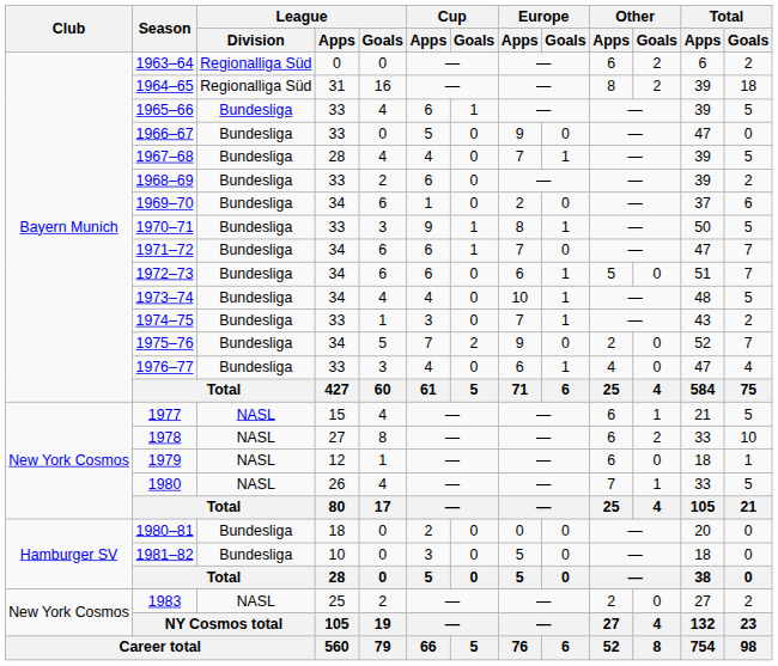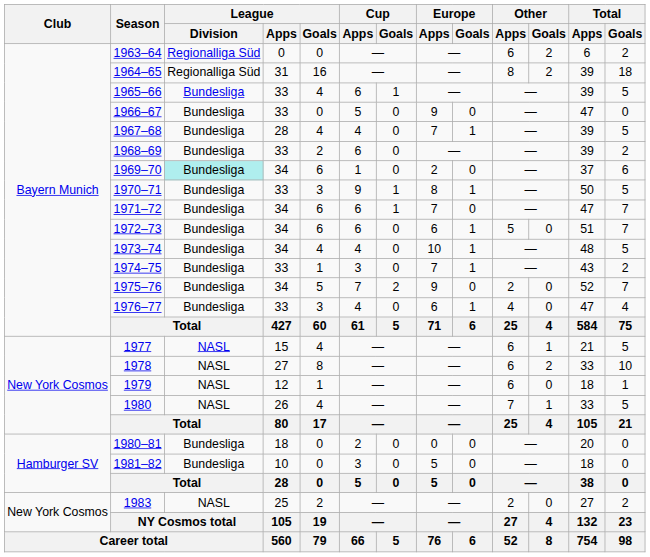 <table class="wikitable" style="text-align:center">
 <tr>
 <th rowspan="2">Club</th>
 <th rowspan="2">Season</th>
 <th colspan="3">League</th>
 <th colspan="2">Cup</th>
 <th colspan="2">Europe</th>
 <th colspan="2">Other</th>
 <th colspan="2">Total</th>
 </tr>
 <tr>
 <th>Division</th>
 <th>Apps</th>
 <th>Goals</th>
 <th>Apps</th>
 <th>Goals</th>
 <th>Apps</th>
 <th>Goals</th>
 <th>Apps</th>
 <th>Goals</th>
 <th>Apps</th>
 <th>Goals</th>
 </tr>
 <tr>
 <td rowspan="15"><a href='#'>Bayern Munich</a></td>
 <td><a href='#'>1963–64</a></td>
 <td><a href='#'>Regionalliga Süd</a></td>
 <td>0</td>
 <td>0</td>
 <td colspan="2">—</td>
 <td colspan="2">—</td>
 <td>6</td>
 <td>2</td>
 <td>6</td>
 <td>2</td>
 </tr>
 <tr>
 <td><a href='#'>1964–65</a></td>
 <td>Regionalliga Süd</td>
 <td>31</td>
 <td>16</td>
 <td colspan="2">—</td>
 <td colspan="2">—</td>
 <td>8</td>
 <td>2</td>
 <td>39</td>
 <td>18</td>
 </tr>
 <tr>
 <td><a href='#'>1965–66</a></td>
 <td><a href='#'>Bundesliga</a></td>
 <td>33</td>
 <td>4</td>
 <td>6</td>
 <td>1</td>
 <td colspan="2">—</td>
 <td colspan="2">—</td>
 <td>39</td>
 <td>5</td>
 </tr>
 <tr>
 <td><a href='#'>1966–67</a></td>
 <td>Bundesliga</td>
 <td>33</td>
 <td>0</td>
 <td>5</td>
 <td>0</td>
 <td>9</td>
 <td>0</td>
 <td colspan="2">—</td>
 <td>47</td>
 <td>0</td>
 </tr>
 <tr>
 <td><a href='#'>1967–68</a></td>
 <td>Bundesliga</td>
 <td>28</td>
 <td>4</td>
 <td>4</td>
 <td>0</td>
 <td>7</td>
 <td>1</td>
 <td colspan="2">—</td>
 <td>39</td>
 <td>5</td>
 </tr>
 <tr>
 <td><a href='#'>1968–69</a></td>
 <td>Bundesliga</td>
 <td>33</td>
 <td>2</td>
 <td>6</td>
 <td>0</td>
 <td colspan="2">—</td>
 <td colspan="2">—</td>
 <td>39</td>
 <td>2</td>
 </tr>
 <tr>
 <td><a href='#'>1969–70</a></td>
-<td>Bundesliga</td>
+<td style="background: paleturquoise;">Bundesliga</td>
 <td>34</td>
 <td>6</td>
 <td>1</td>
 <td>0</td>
 <td>2</td>
 <td>0</td>
 <td colspan="2">—</td>
 <td>37</td>
 <td>6</td>
 </tr>
 <tr>
 <td><a href='#'>1970–71</a></td>
 <td>Bundesliga</td>
 <td>33</td>
 <td>3</td>
 <td>9</td>
 <td>1</td>
 <td>8</td>
 <td>1</td>
 <td colspan="2">—</td>
 <td>50</td>
 <td>5</td>
 </tr>
 <tr>
 <td><a href='#'>1971–72</a></td>
 <td>Bundesliga</td>
 <td>34</td>
 <td>6</td>
 <td>6</td>
 <td>1</td>
 <td>7</td>
 <td>0</td>
 <td colspan="2">—</td>
 <td>47</td>
 <td>7</td>
 </tr>
 <tr>
 <td><a href='#'>1972–73</a></td>
 <td>Bundesliga</td>
 <td>34</td>
 <td>6</td>
 <td>6</td>
 <td>0</td>
 <td>6</td>
 <td>1</td>
 <td>5</td>
 <td>0</td>
 <td>51</td>
 <td>7</td>
 </tr>
 <tr>
 <td><a href='#'>1973–74</a></td>
 <td>Bundesliga</td>
 <td>34</td>
 <td>4</td>
 <td>4</td>
 <td>0</td>
 <td>10</td>
 <td>1</td>
 <td colspan="2">—</td>
 <td>48</td>
 <td>5</td>
 </tr>
 <tr>
 <td><a href='#'>1974–75</a></td>
 <td>Bundesliga</td>
 <td>33</td>
 <td>1</td>
 <td>3</td>
 <td>0</td>
 <td>7</td>
 <td>1</td>
 <td colspan="2">—</td>
 <td>43</td>
 <td>2</td>
 </tr>
 <tr>
 <td><a href='#'>1975–76</a></td>
 <td>Bundesliga</td>
 <td>34</td>
 <td>5</td>
 <td>7</td>
 <td>2</td>
 <td>9</td>
 <td>0</td>
 <td>2</td>
 <td>0</td>
 <td>52</td>
 <td>7</td>
 </tr>
 <tr>
 <td><a href='#'>1976–77</a></td>
 <td>Bundesliga</td>
 <td>33</td>
 <td>3</td>
 <td>4</td>
 <td>0</td>
 <td>6</td>
 <td>1</td>
 <td>4</td>
 <td>0</td>
 <td>47</td>
 <td>4</td>
 </tr>
 <tr>
 <th colspan="2">Total</th>
 <th>427</th>
 <th>60</th>
 <th>61</th>
 <th>5</th>
 <th>71</th>
 <th>6</th>
 <th>25</th>
 <th>4</th>
 <th>584</th>
 <th>75</th>
 </tr>
 <tr>
 <td rowspan="5"><a href='#'>New York Cosmos</a></td>
 <td><a href='#'>1977</a></td>
 <td><a href='#'>NASL</a></td>
 <td>15</td>
 <td>4</td>
 <td colspan="2">—</td>
 <td colspan="2">—</td>
 <td>6</td>
 <td>1</td>
 <td>21</td>
 <td>5</td>
 </tr>
 <tr>
 <td><a href='#'>1978</a></td>
 <td>NASL</td>
 <td>27</td>
 <td>8</td>
 <td colspan="2">—</td>
 <td colspan="2">—</td>
 <td>6</td>
 <td>2</td>
 <td>33</td>
 <td>10</td>
 </tr>
 <tr>
 <td><a href='#'>1979</a></td>
 <td>NASL</td>
 <td>12</td>
 <td>1</td>
 <td colspan="2">—</td>
 <td colspan="2">—</td>
 <td>6</td>
 <td>0</td>
 <td>18</td>
 <td>1</td>
 </tr>
 <tr>
 <td><a href='#'>1980</a></td>
 <td>NASL</td>
 <td>26</td>
 <td>4</td>
 <td colspan="2">—</td>
 <td colspan="2">—</td>
 <td>7</td>
 <td>1</td>
 <td>33</td>
 <td>5</td>
 </tr>
 <tr>
 <th colspan="2">Total</th>
 <th>80</th>
 <th>17</th>
 <th colspan="2">—</th>
 <th colspan="2">—</th>
 <th>25</th>
 <th>4</th>
 <th>105</th>
 <th>21</th>
 </tr>
 <tr>
 <td rowspan="3"><a href='#'>Hamburger SV</a></td>
 <td><a href='#'>1980–81</a></td>
 <td>Bundesliga</td>
 <td>18</td>
 <td>0</td>
 <td>2</td>
 <td>0</td>
 <td>0</td>
 <td>0</td>
 <td colspan="2">—</td>
 <td>20</td>
 <td>0</td>
 </tr>
 <tr>
 <td><a href='#'>1981–82</a></td>
 <td>Bundesliga</td>
 <td>10</td>
 <td>0</td>
 <td>3</td>
 <td>0</td>
 <td>5</td>
 <td>0</td>
 <td colspan="2">—</td>
 <td>18</td>
 <td>0</td>
 </tr>
 <tr>
 <th colspan="2">Total</th>
 <th>28</th>
 <th>0</th>
 <th>5</th>
 <th>0</th>
 <th>5</th>
 <th>0</th>
 <th colspan="2">—</th>
 <th>38</th>
 <th>0</th>
 </tr>
 <tr>
 <td rowspan="2">New York Cosmos</td>
 <td><a href='#'>1983</a></td>
 <td>NASL</td>
 <td>25</td>
 <td>2</td>
 <td colspan="2">—</td>
 <td colspan="2">—</td>
 <td>2</td>
 <td>0</td>
 <td>27</td>
 <td>2</td>
 </tr>
 <tr>
 <th colspan="2">NY Cosmos total</th>
 <th>105</th>
 <th>19</th>
 <th colspan="2">—</th>
 <th colspan="2">—</th>
 <th>27</th>
 <th>4</th>
 <th>132</th>
 <th>23</th>
 </tr>
 <tr>
 <th colspan="3">Career total</th>
 <th>560</th>
 <th>79</th>
 <th>66</th>
 <th>5</th>
 <th>76</th>
 <th>6</th>
 <th>52</th>
 <th>8</th>
 <th>754</th>
 <th>98</th>
 </tr>
 </table>
